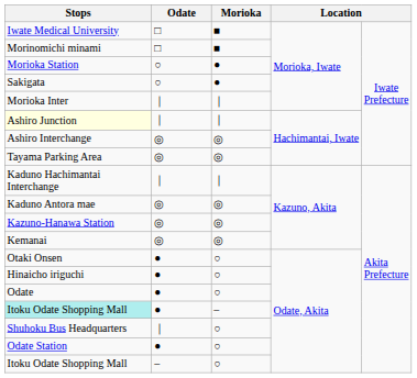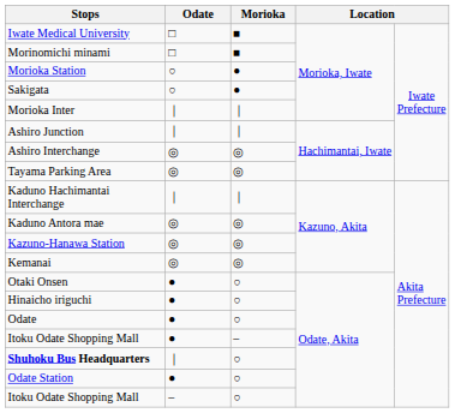 <table class="wikitable defaultleft col2center col3center">
 <tr>
 <th style="width: 13em;">Stops</th>
 <th style="width: 5em;">Odate</th>
 <th style="width: 5em;">Morioka</th>
 <th colspan="2">Location</th>
 </tr>
 <tr>
 <td><a href='#'>Iwate Medical University</a></td>
 <td>□</td>
 <td>■</td>
 <td rowspan="5"><a href='#'>Morioka, Iwate</a></td>
 <td width="20px" rowspan="8" align="center"><a href='#'>Iwate Prefecture</a></td>
 </tr>
 <tr>
 <td>Morinomichi minami</td>
 <td>□</td>
 <td>■</td>
 </tr>
 <tr>
 <td><a href='#'>Morioka Station</a></td>
 <td>○</td>
 <td>●</td>
 </tr>
 <tr>
 <td>Sakigata</td>
 <td>○</td>
 <td>●</td>
 </tr>
 <tr>
 <td>Morioka Inter</td>
 <td>｜</td>
 <td>｜</td>
 </tr>
 <tr>
-<td style="background: lightyellow;">Ashiro Junction</td>
+<td>Ashiro Junction</td>
 <td>｜</td>
 <td>｜</td>
 <td rowspan="3"><a href='#'>Hachimantai, Iwate</a></td>
 </tr>
 <tr>
 <td>Ashiro Interchange</td>
 <td>◎</td>
 <td>◎</td>
 </tr>
 <tr>
 <td>Tayama Parking Area</td>
 <td>◎</td>
 <td>◎</td>
 </tr>
 <tr>
 <td>Kaduno Hachimantai Interchange</td>
 <td>｜</td>
 <td>｜</td>
 <td rowspan="4"><a href='#'>Kazuno, Akita</a></td>
 <td rowspan="11"><a href='#'>Akita Prefecture</a></td>
 </tr>
 <tr>
 <td>Kaduno Antora mae</td>
 <td>◎</td>
 <td>◎</td>
 </tr>
 <tr>
 <td><a href='#'>Kazuno-Hanawa Station</a></td>
 <td>◎</td>
 <td>◎</td>
 </tr>
 <tr>
 <td>Kemanai</td>
 <td>◎</td>
 <td>◎</td>
 </tr>
 <tr>
 <td>Otaki Onsen</td>
 <td>●</td>
 <td>○</td>
 <td rowspan="7"><a href='#'>Odate, Akita</a></td>
 </tr>
 <tr>
 <td>Hinaicho iriguchi</td>
 <td>●</td>
 <td>○</td>
 </tr>
 <tr>
 <td>Odate</td>
 <td>●</td>
 <td>○</td>
 </tr>
 <tr>
-<td style="background: paleturquoise;">Itoku Odate Shopping Mall</td>
+<td>Itoku Odate Shopping Mall</td>
 <td>●</td>
 <td>–</td>
 </tr>
 <tr>
-<td><a href='#'>Shuhoku Bus</a> Headquarters</td>
+<td><strong><a href='#'>Shuhoku Bus</a> Headquarters</strong></td>
 <td>｜</td>
 <td>○</td>
 </tr>
 <tr>
 <td><a href='#'>Odate Station</a></td>
 <td>●</td>
 <td>○</td>
 </tr>
 <tr>
 <td>Itoku Odate Shopping Mall</td>
 <td>–</td>
 <td>○</td>
 </tr>
 </table>
